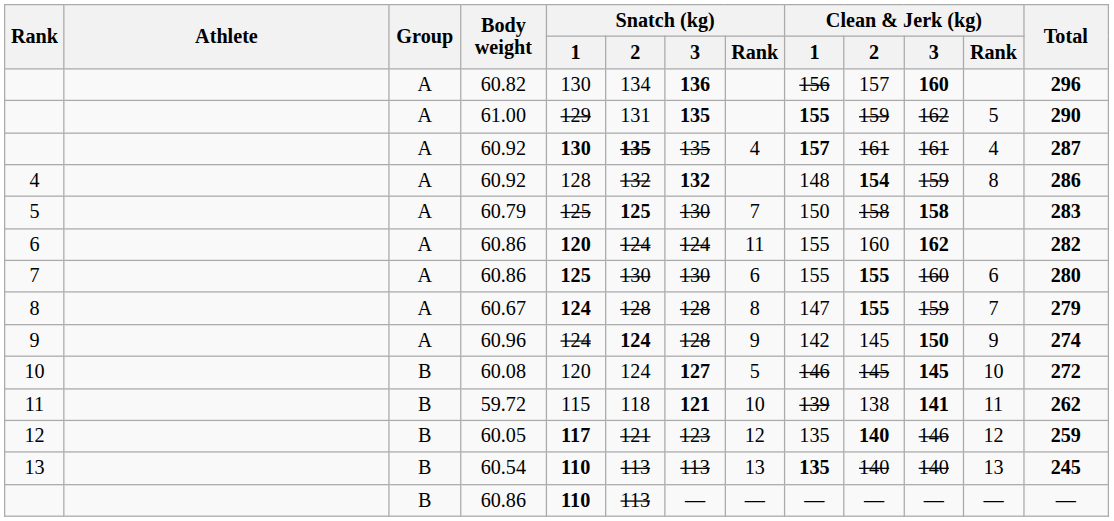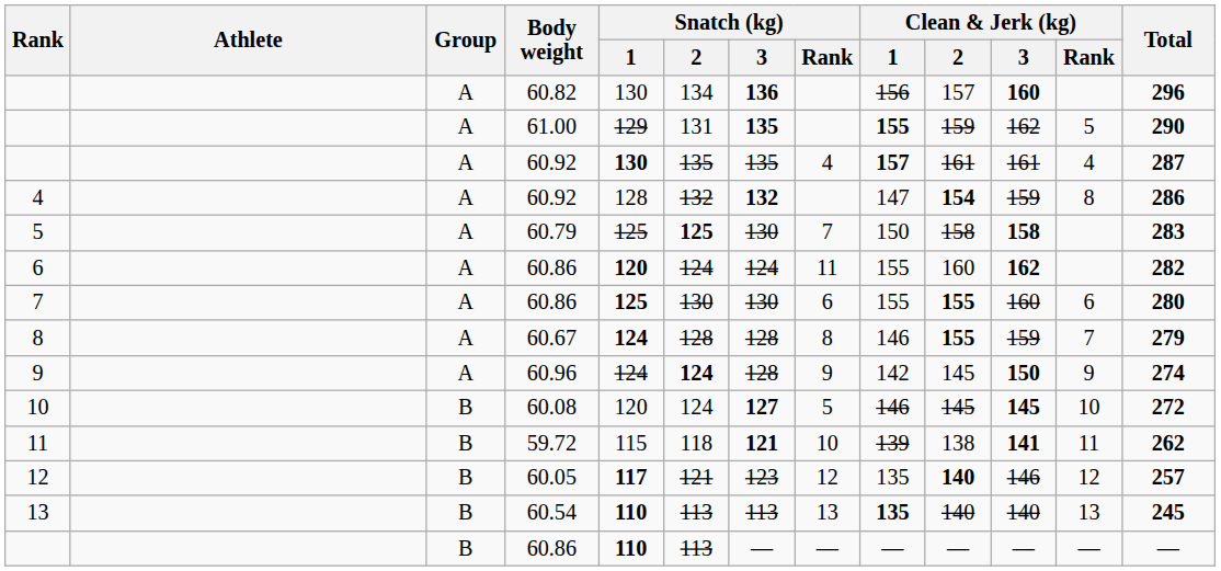 <table class = "wikitable" style="text-align:center;">
 <tr>
 <th rowspan=2 width=40>Rank</th>
 <th rowspan=2 width=250>Athlete</th>
 <th rowspan=2 width=50>Group</th>
 <th rowspan=2 width=60>Body weight</th>
 <th colspan=4>Snatch (kg)</th>
 <th colspan=4>Clean & Jerk (kg)</th>
 <th rowspan=2 width=60>Total</th>
 </tr>
 <tr>
 <th width=40>1</th>
 <th width=40>2</th>
 <th width=40>3</th>
 <th width=40>Rank</th>
 <th width=40>1</th>
 <th width=40>2</th>
 <th width=40>3</th>
 <th width=40>Rank</th>
 </tr>
 <tr>
 <td></td>
 <td align=left></td>
 <td>A</td>
 <td>60.82</td>
 <td>130</td>
 <td>134</td>
 <td><strong>136</strong></td>
 <td></td>
 <td><s>156</s></td>
 <td>157</td>
 <td><strong>160</strong></td>
 <td></td>
 <td><strong>296</strong></td>
 </tr>
 <tr>
 <td></td>
 <td align=left></td>
 <td>A</td>
 <td>61.00</td>
 <td><s>129</s></td>
 <td>131</td>
 <td><strong>135</strong></td>
 <td></td>
 <td><strong>155</strong></td>
 <td><s>159</s></td>
 <td><s>162</s></td>
 <td>5</td>
 <td><strong>290</strong></td>
 </tr>
 <tr>
 <td></td>
 <td align=left></td>
 <td>A</td>
 <td>60.92</td>
 <td><strong>130</strong></td>
-<td><strong><s>135</s></strong></td>
+<td><s>135</s></td>
 <td><s>135</s></td>
 <td>4</td>
 <td><strong>157</strong></td>
 <td><s>161</s></td>
 <td><s>161</s></td>
 <td>4</td>
 <td><strong>287</strong></td>
 </tr>
 <tr>
 <td>4</td>
 <td align=left></td>
 <td>A</td>
 <td>60.92</td>
 <td>128</td>
 <td><s>132</s></td>
 <td><strong>132</strong></td>
 <td></td>
-<td>148</td>
+<td>147</td>
 <td><strong>154</strong></td>
 <td><s>159</s></td>
 <td>8</td>
 <td><strong>286</strong></td>
 </tr>
 <tr>
 <td>5</td>
 <td align=left></td>
 <td>A</td>
 <td>60.79</td>
 <td><s>125</s></td>
 <td><strong>125</strong></td>
 <td><s>130</s></td>
 <td>7</td>
 <td>150</td>
 <td><s>158</s></td>
 <td><strong>158</strong></td>
 <td></td>
 <td><strong>283</strong></td>
 </tr>
 <tr>
 <td>6</td>
 <td align=left></td>
 <td>A</td>
 <td>60.86</td>
 <td><strong>120</strong></td>
 <td><s>124</s></td>
 <td><s>124</s></td>
 <td>11</td>
 <td>155</td>
 <td>160</td>
 <td><strong>162</strong></td>
 <td></td>
 <td><strong>282</strong></td>
 </tr>
 <tr>
 <td>7</td>
 <td align=left></td>
 <td>A</td>
 <td>60.86</td>
 <td><strong>125</strong></td>
 <td><s>130</s></td>
 <td><s>130</s></td>
 <td>6</td>
 <td>155</td>
 <td><strong>155</strong></td>
 <td><s>160</s></td>
 <td>6</td>
 <td><strong>280</strong></td>
 </tr>
 <tr>
 <td>8</td>
 <td align=left></td>
 <td>A</td>
 <td>60.67</td>
 <td><strong>124</strong></td>
 <td><s>128</s></td>
 <td><s>128</s></td>
 <td>8</td>
-<td>147</td>
+<td>146</td>
 <td><strong>155</strong></td>
 <td><s>159</s></td>
 <td>7</td>
 <td><strong>279</strong></td>
 </tr>
 <tr>
 <td>9</td>
 <td align=left></td>
 <td>A</td>
 <td>60.96</td>
 <td><s>124</s></td>
 <td><strong>124</strong></td>
 <td><s>128</s></td>
 <td>9</td>
 <td>142</td>
 <td>145</td>
 <td><strong>150</strong></td>
 <td>9</td>
 <td><strong>274</strong></td>
 </tr>
 <tr>
 <td>10</td>
 <td align=left></td>
 <td>B</td>
 <td>60.08</td>
 <td>120</td>
 <td>124</td>
 <td><strong>127</strong></td>
 <td>5</td>
 <td><s>146</s></td>
 <td><s>145</s></td>
 <td><strong>145</strong></td>
 <td>10</td>
 <td><strong>272</strong></td>
 </tr>
 <tr>
 <td>11</td>
 <td align=left></td>
 <td>B</td>
 <td>59.72</td>
 <td>115</td>
 <td>118</td>
 <td><strong>121</strong></td>
 <td>10</td>
 <td><s>139</s></td>
 <td>138</td>
 <td><strong>141</strong></td>
 <td>11</td>
 <td><strong>262</strong></td>
 </tr>
 <tr>
 <td>12</td>
 <td align=left></td>
 <td>B</td>
 <td>60.05</td>
 <td><strong>117</strong></td>
 <td><s>121</s></td>
 <td><s>123</s></td>
 <td>12</td>
 <td>135</td>
 <td><strong>140</strong></td>
 <td><s>146</s></td>
 <td>12</td>
-<td><strong>259</strong></td>
+<td><strong>257</strong></td>
 </tr>
 <tr>
 <td>13</td>
 <td align=left></td>
 <td>B</td>
 <td>60.54</td>
 <td><strong>110</strong></td>
 <td><s>113</s></td>
 <td><s>113</s></td>
 <td>13</td>
 <td><strong>135</strong></td>
 <td><s>140</s></td>
 <td><s>140</s></td>
 <td>13</td>
 <td><strong>245</strong></td>
 </tr>
 <tr>
 <td></td>
 <td align=left></td>
 <td>B</td>
 <td>60.86</td>
 <td><strong>110</strong></td>
 <td><s>113</s></td>
 <td>—</td>
 <td>—</td>
 <td>—</td>
 <td>—</td>
 <td>—</td>
 <td>—</td>
 <td>—</td>
 </tr>
 </table>
